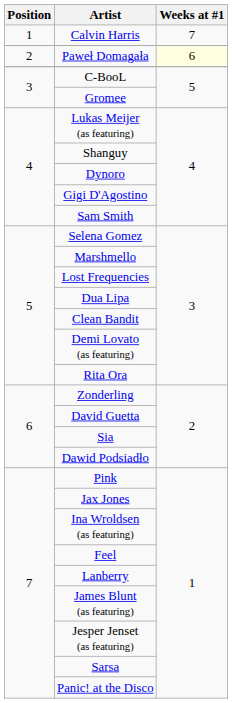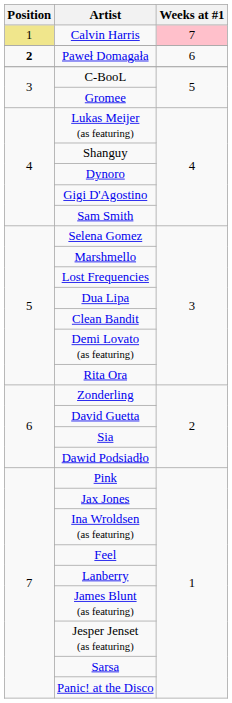 <table class="wikitable" style="font-size:97%;">
 <tr>
 <th>Position</th>
 <th>Artist</th>
 <th>Weeks at #1</th>
 </tr>
 <tr style="text-align:center;">
-<td>1</td>
+<td style="background: khaki;">1</td>
 <td style="text-align:center;"><a href='#'>Calvin Harris</a></td>
-<td style="text-align:center;">7</td>
+<td style="background: pink; text-align:center;">7</td>
 </tr>
 <tr>
 </tr>
 <tr style="text-align:center;">
-<td>2</td>
+<td><strong>2</strong></td>
 <td style="text-align:center;"><a href='#'>Paweł Domagała</a></td>
-<td style="background: lightyellow; text-align:center;">6</td>
+<td style="text-align:center;">6</td>
 </tr>
 <tr>
 </tr>
 <tr style="text-align:center;">
 <td rowspan="2">3</td>
 <td style="text-align:center;">C-BooL</td>
 <td style="text-align:center;" rowspan="2">5</td>
 </tr>
 <tr>
 <td style="text-align:center;"><a href='#'>Gromee</a></td>
 </tr>
 <tr style="text-align:center;">
 <td rowspan="5">4</td>
 <td style="text-align:center;"><a href='#'>Lukas Meijer</a><br><small>(as featuring)</small></td>
 <td style="text-align:center;" rowspan="5">4</td>
 </tr>
 <tr>
 <td style="text-align:center;">Shanguy</td>
 </tr>
 <tr>
 <td style="text-align:center;"><a href='#'>Dynoro</a></td>
 </tr>
 <tr>
 <td style="text-align:center;"><a href='#'>Gigi D'Agostino</a></td>
 </tr>
 <tr>
 <td style="text-align:center;"><a href='#'>Sam Smith</a></td>
 </tr>
 <tr style="text-align:center;">
 <td rowspan="7">5</td>
 <td style="text-align:center;"><a href='#'>Selena Gomez</a></td>
 <td style="text-align:center;" rowspan="7">3</td>
 </tr>
 <tr>
 <td style="text-align:center;"><a href='#'>Marshmello</a></td>
 </tr>
 <tr>
 <td style="text-align:center;"><a href='#'>Lost Frequencies</a></td>
 </tr>
 <tr>
 <td style="text-align:center;"><a href='#'>Dua Lipa</a></td>
 </tr>
 <tr>
 <td style="text-align:center;"><a href='#'>Clean Bandit</a></td>
 </tr>
 <tr>
 <td style="text-align:center;"><a href='#'>Demi Lovato</a><br><small>(as featuring)</small></td>
 </tr>
 <tr>
 <td style="text-align:center;"><a href='#'>Rita Ora</a></td>
 </tr>
 <tr style="text-align:center;">
 <td rowspan="4">6</td>
 <td style="text-align:center;"><a href='#'>Zonderling</a></td>
 <td style="text-align:center;" rowspan="4">2</td>
 </tr>
 <tr>
 <td style="text-align:center;"><a href='#'>David Guetta</a></td>
 </tr>
 <tr>
 <td style="text-align:center;"><a href='#'>Sia</a></td>
 </tr>
 <tr>
 <td style="text-align:center;"><a href='#'>Dawid Podsiadło</a></td>
 </tr>
 <tr style="text-align:center;">
 <td rowspan="9">7</td>
 <td style="text-align:center;"><a href='#'>Pink</a></td>
 <td style="text-align:center;" rowspan="9">1</td>
 </tr>
 <tr>
 <td style="text-align:center;"><a href='#'>Jax Jones</a></td>
 </tr>
 <tr>
 <td style="text-align:center;"><a href='#'>Ina Wroldsen</a><br><small>(as featuring)</small></td>
 </tr>
 <tr>
 <td style="text-align:center;"><a href='#'>Feel</a></td>
 </tr>
 <tr>
 <td style="text-align:center;"><a href='#'>Lanberry</a></td>
 </tr>
 <tr>
 <td style="text-align:center;"><a href='#'>James Blunt</a><br><small>(as featuring)</small></td>
 </tr>
 <tr>
 <td style="text-align:center;">Jesper Jenset<br><small>(as featuring)</small></td>
 </tr>
 <tr>
 <td style="text-align:center;"><a href='#'>Sarsa</a></td>
 </tr>
 <tr>
 <td style="text-align:center;"><a href='#'>Panic! at the Disco</a></td>
 </tr>
 </table>
